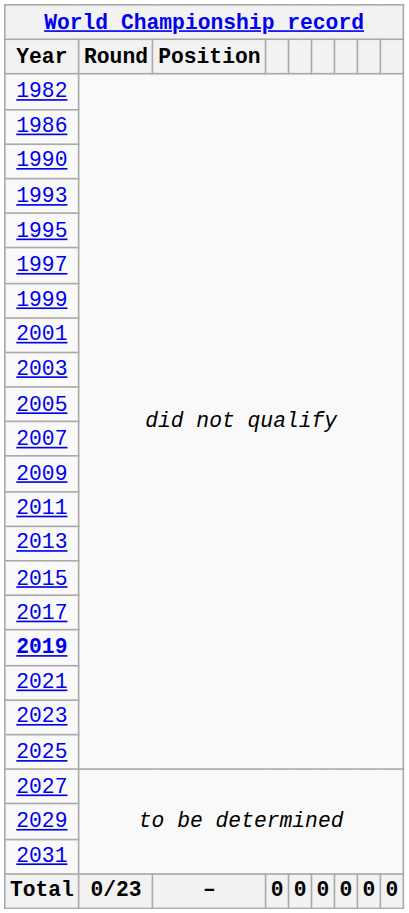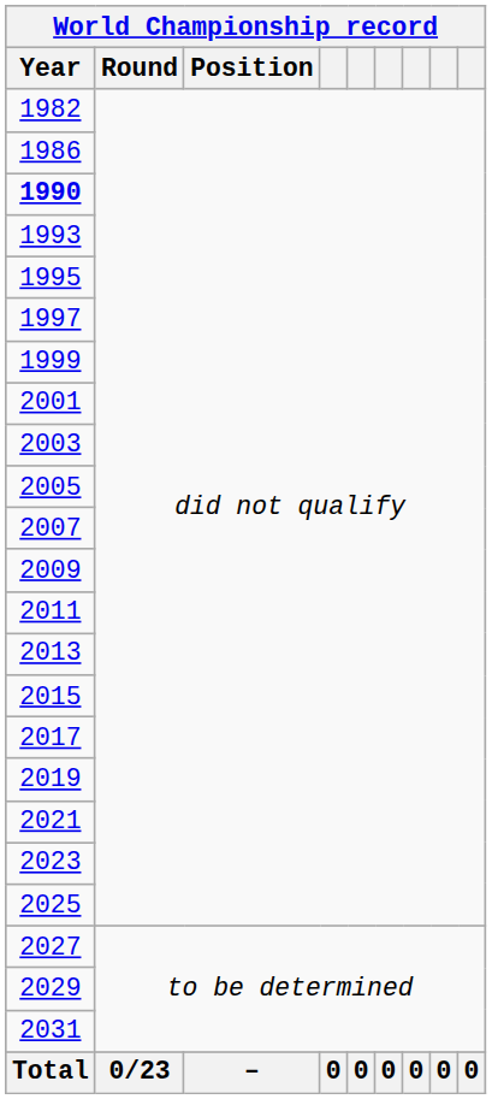 <table class="wikitable" style="text-align: center;">
 <tr>
 <th colspan=9><a href='#'>World Championship record</a></th>
 </tr>
 <tr>
 <th>Year</th>
 <th>Round</th>
 <th>Position</th>
 <th></th>
 <th></th>
 <th></th>
 <th></th>
 <th></th>
 <th></th>
 </tr>
 <tr>
 <td> <a href='#'>1982</a></td>
 <td colspan="8" rowspan="20"><em>did not qualify</em></td>
 </tr>
 <tr>
 <td> <a href='#'>1986</a></td>
 </tr>
 <tr>
-<td> <a href='#'>1990</a></td>
+<td><strong> <a href='#'>1990</a></strong></td>
 </tr>
 <tr>
 <td> <a href='#'>1993</a></td>
 </tr>
 <tr>
 <td> <a href='#'>1995</a></td>
 </tr>
 <tr>
 <td> <a href='#'>1997</a></td>
 </tr>
 <tr>
 <td> <a href='#'>1999</a></td>
 </tr>
 <tr>
 <td> <a href='#'>2001</a></td>
 </tr>
 <tr>
 <td> <a href='#'>2003</a></td>
 </tr>
 <tr>
 <td> <a href='#'>2005</a></td>
 </tr>
 <tr>
 <td> <a href='#'>2007</a></td>
 </tr>
 <tr>
 <td> <a href='#'>2009</a></td>
 </tr>
 <tr>
 <td> <a href='#'>2011</a></td>
 </tr>
 <tr>
 <td> <a href='#'>2013</a></td>
 </tr>
 <tr>
 <td> <a href='#'>2015</a></td>
 </tr>
 <tr>
 <td> <a href='#'>2017</a></td>
 </tr>
 <tr>
-<td><strong> <a href='#'>2019</a></strong></td>
+<td> <a href='#'>2019</a></td>
 </tr>
 <tr>
 <td> <a href='#'>2021</a></td>
 </tr>
 <tr>
 <td> <a href='#'>2023</a></td>
 </tr>
 <tr>
 <td> <a href='#'>2025</a></td>
 </tr>
 <tr>
 <td> <a href='#'>2027</a></td>
 <td colspan="8" rowspan=3><em>to be determined</em></td>
 </tr>
 <tr>
 <td>  <a href='#'>2029</a></td>
 </tr>
 <tr>
 <td>   <a href='#'>2031</a></td>
 </tr>
 <tr>
 <th>Total</th>
 <th>0/23</th>
 <th>–</th>
 <th>0</th>
 <th>0</th>
 <th>0</th>
 <th>0</th>
 <th>0</th>
 <th>0</th>
 </tr>
 </table>
